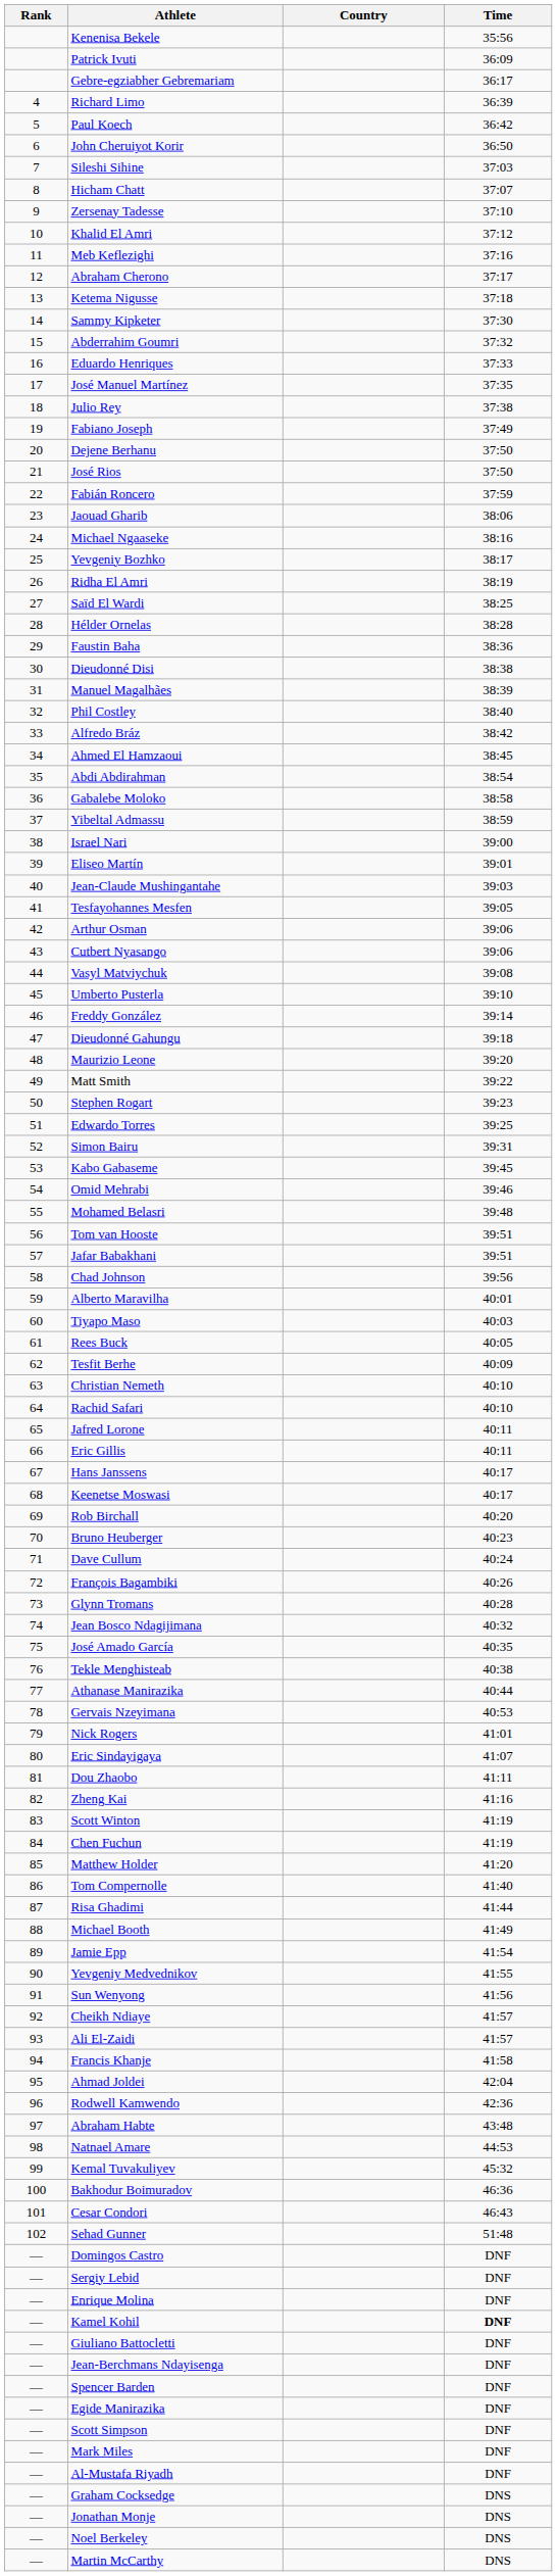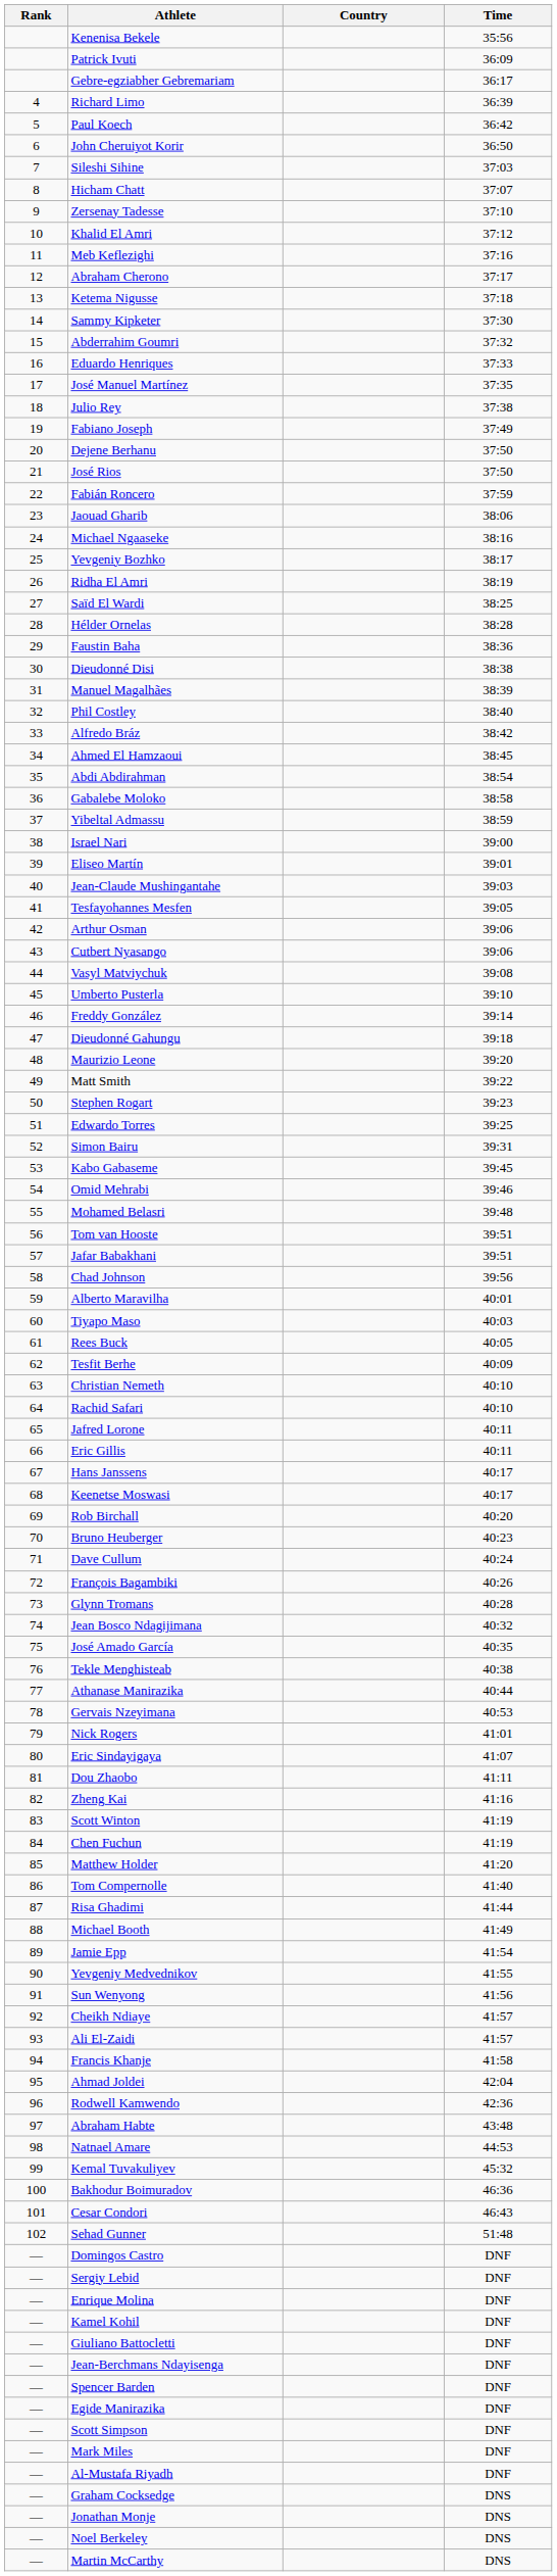 <table class="wikitable sortable" style=" text-align:center; font-size:95%;" width="50%">
 <tr>
 <th width=5%>Rank</th>
 <th width=20%>Athlete</th>
 <th width=15%>Country</th>
 <th width=10%>Time</th>
 </tr>
 <tr>
 <td align=center></td>
 <td align=left><a href='#'>Kenenisa Bekele</a></td>
 <td align=left></td>
 <td>35:56</td>
 </tr>
 <tr>
 <td align=center></td>
 <td align=left><a href='#'>Patrick Ivuti</a></td>
 <td align=left></td>
 <td>36:09</td>
 </tr>
 <tr>
 <td align=center></td>
 <td align=left><a href='#'>Gebre-egziabher Gebremariam</a></td>
 <td align=left></td>
 <td>36:17</td>
 </tr>
 <tr>
 <td align=center>4</td>
 <td align=left><a href='#'>Richard Limo</a></td>
 <td align=left></td>
 <td>36:39</td>
 </tr>
 <tr>
 <td align=center>5</td>
 <td align=left><a href='#'>Paul Koech</a></td>
 <td align=left></td>
 <td>36:42</td>
 </tr>
 <tr>
 <td align=center>6</td>
 <td align=left><a href='#'>John Cheruiyot Korir</a></td>
 <td align=left></td>
 <td>36:50</td>
 </tr>
 <tr>
 <td align=center>7</td>
 <td align=left><a href='#'>Sileshi Sihine</a></td>
 <td align=left></td>
 <td>37:03</td>
 </tr>
 <tr>
 <td align=center>8</td>
 <td align=left><a href='#'>Hicham Chatt</a></td>
 <td align=left></td>
 <td>37:07</td>
 </tr>
 <tr>
 <td align=center>9</td>
 <td align=left><a href='#'>Zersenay Tadesse</a></td>
 <td align=left></td>
 <td>37:10</td>
 </tr>
 <tr>
 <td align=center>10</td>
 <td align=left><a href='#'>Khalid El Amri</a></td>
 <td align=left></td>
 <td>37:12</td>
 </tr>
 <tr>
 <td align=center>11</td>
 <td align=left><a href='#'>Meb Keflezighi</a></td>
 <td align=left></td>
 <td>37:16</td>
 </tr>
 <tr>
 <td align=center>12</td>
 <td align=left><a href='#'>Abraham Cherono</a></td>
 <td align=left></td>
 <td>37:17</td>
 </tr>
 <tr>
 <td align=center>13</td>
 <td align=left><a href='#'>Ketema Nigusse</a></td>
 <td align=left></td>
 <td>37:18</td>
 </tr>
 <tr>
 <td align=center>14</td>
 <td align=left><a href='#'>Sammy Kipketer</a></td>
 <td align=left></td>
 <td>37:30</td>
 </tr>
 <tr>
 <td align=center>15</td>
 <td align=left><a href='#'>Abderrahim Goumri</a></td>
 <td align=left></td>
 <td>37:32</td>
 </tr>
 <tr>
 <td align=center>16</td>
 <td align=left><a href='#'>Eduardo Henriques</a></td>
 <td align=left></td>
 <td>37:33</td>
 </tr>
 <tr>
 <td align=center>17</td>
 <td align=left><a href='#'>José Manuel Martínez</a></td>
 <td align=left></td>
 <td>37:35</td>
 </tr>
 <tr>
 <td align=center>18</td>
 <td align=left><a href='#'>Julio Rey</a></td>
 <td align=left></td>
 <td>37:38</td>
 </tr>
 <tr>
 <td align=center>19</td>
 <td align=left><a href='#'>Fabiano Joseph</a></td>
 <td align=left></td>
 <td>37:49</td>
 </tr>
 <tr>
 <td align=center>20</td>
 <td align=left><a href='#'>Dejene Berhanu</a></td>
 <td align=left></td>
 <td>37:50</td>
 </tr>
 <tr>
 <td align=center>21</td>
 <td align=left><a href='#'>José Rios</a></td>
 <td align=left></td>
 <td>37:50</td>
 </tr>
 <tr>
 <td align=center>22</td>
 <td align=left><a href='#'>Fabián Roncero</a></td>
 <td align=left></td>
 <td>37:59</td>
 </tr>
 <tr>
 <td align=center>23</td>
 <td align=left><a href='#'>Jaouad Gharib</a></td>
 <td align=left></td>
 <td>38:06</td>
 </tr>
 <tr>
 <td align=center>24</td>
 <td align=left><a href='#'>Michael Ngaaseke</a></td>
 <td align=left></td>
 <td>38:16</td>
 </tr>
 <tr>
 <td align=center>25</td>
 <td align=left><a href='#'>Yevgeniy Bozhko</a></td>
 <td align=left></td>
 <td>38:17</td>
 </tr>
 <tr>
 <td align=center>26</td>
 <td align=left><a href='#'>Ridha El Amri</a></td>
 <td align=left></td>
 <td>38:19</td>
 </tr>
 <tr>
 <td align=center>27</td>
 <td align=left><a href='#'>Saïd El Wardi</a></td>
 <td align=left></td>
 <td>38:25</td>
 </tr>
 <tr>
 <td align=center>28</td>
 <td align=left><a href='#'>Hélder Ornelas</a></td>
 <td align=left></td>
 <td>38:28</td>
 </tr>
 <tr>
 <td align=center>29</td>
 <td align=left><a href='#'>Faustin Baha</a></td>
 <td align=left></td>
 <td>38:36</td>
 </tr>
 <tr>
 <td align=center>30</td>
 <td align=left><a href='#'>Dieudonné Disi</a></td>
 <td align=left></td>
 <td>38:38</td>
 </tr>
 <tr>
 <td align=center>31</td>
 <td align=left><a href='#'>Manuel Magalhães</a></td>
 <td align=left></td>
 <td>38:39</td>
 </tr>
 <tr>
 <td align=center>32</td>
 <td align=left><a href='#'>Phil Costley</a></td>
 <td align=left></td>
 <td>38:40</td>
 </tr>
 <tr>
 <td align=center>33</td>
 <td align=left><a href='#'>Alfredo Bráz</a></td>
 <td align=left></td>
 <td>38:42</td>
 </tr>
 <tr>
 <td align=center>34</td>
 <td align=left><a href='#'>Ahmed El Hamzaoui</a></td>
 <td align=left></td>
 <td>38:45</td>
 </tr>
 <tr>
 <td align=center>35</td>
 <td align=left><a href='#'>Abdi Abdirahman</a></td>
 <td align=left></td>
 <td>38:54</td>
 </tr>
 <tr>
 <td align=center>36</td>
 <td align=left><a href='#'>Gabalebe Moloko</a></td>
 <td align=left></td>
 <td>38:58</td>
 </tr>
 <tr>
 <td align=center>37</td>
 <td align=left><a href='#'>Yibeltal Admassu</a></td>
 <td align=left></td>
 <td>38:59</td>
 </tr>
 <tr>
 <td align=center>38</td>
 <td align=left><a href='#'>Israel Nari</a></td>
 <td align=left></td>
 <td>39:00</td>
 </tr>
 <tr>
 <td align=center>39</td>
 <td align=left><a href='#'>Eliseo Martín</a></td>
 <td align=left></td>
 <td>39:01</td>
 </tr>
 <tr>
 <td align=center>40</td>
 <td align=left><a href='#'>Jean-Claude Mushingantahe</a></td>
 <td align=left></td>
 <td>39:03</td>
 </tr>
 <tr>
 <td align=center>41</td>
 <td align=left><a href='#'>Tesfayohannes Mesfen</a></td>
 <td align=left></td>
 <td>39:05</td>
 </tr>
 <tr>
 <td align=center>42</td>
 <td align=left><a href='#'>Arthur Osman</a></td>
 <td align=left></td>
 <td>39:06</td>
 </tr>
 <tr>
 <td align=center>43</td>
 <td align=left><a href='#'>Cutbert Nyasango</a></td>
 <td align=left></td>
 <td>39:06</td>
 </tr>
 <tr>
 <td align=center>44</td>
 <td align=left><a href='#'>Vasyl Matviychuk</a></td>
 <td align=left></td>
 <td>39:08</td>
 </tr>
 <tr>
 <td align=center>45</td>
 <td align=left><a href='#'>Umberto Pusterla</a></td>
 <td align=left></td>
 <td>39:10</td>
 </tr>
 <tr>
 <td align=center>46</td>
 <td align=left><a href='#'>Freddy González</a></td>
 <td align=left></td>
 <td>39:14</td>
 </tr>
 <tr>
 <td align=center>47</td>
 <td align=left><a href='#'>Dieudonné Gahungu</a></td>
 <td align=left></td>
 <td>39:18</td>
 </tr>
 <tr>
 <td align=center>48</td>
 <td align=left><a href='#'>Maurizio Leone</a></td>
 <td align=left></td>
 <td>39:20</td>
 </tr>
 <tr>
 <td align=center>49</td>
 <td align=left>Matt Smith</td>
 <td align=left></td>
 <td>39:22</td>
 </tr>
 <tr>
 <td align=center>50</td>
 <td align=left><a href='#'>Stephen Rogart</a></td>
 <td align=left></td>
 <td>39:23</td>
 </tr>
 <tr>
 <td align=center>51</td>
 <td align=left><a href='#'>Edwardo Torres</a></td>
 <td align=left></td>
 <td>39:25</td>
 </tr>
 <tr>
 <td align=center>52</td>
 <td align=left><a href='#'>Simon Bairu</a></td>
 <td align=left></td>
 <td>39:31</td>
 </tr>
 <tr>
 <td align=center>53</td>
 <td align=left><a href='#'>Kabo Gabaseme</a></td>
 <td align=left></td>
 <td>39:45</td>
 </tr>
 <tr>
 <td align=center>54</td>
 <td align=left><a href='#'>Omid Mehrabi</a></td>
 <td align=left></td>
 <td>39:46</td>
 </tr>
 <tr>
 <td align=center>55</td>
 <td align=left><a href='#'>Mohamed Belasri</a></td>
 <td align=left></td>
 <td>39:48</td>
 </tr>
 <tr>
 <td align=center>56</td>
 <td align=left><a href='#'>Tom van Hooste</a></td>
 <td align=left></td>
 <td>39:51</td>
 </tr>
 <tr>
 <td align=center>57</td>
 <td align=left><a href='#'>Jafar Babakhani</a></td>
 <td align=left></td>
 <td>39:51</td>
 </tr>
 <tr>
 <td align=center>58</td>
 <td align=left><a href='#'>Chad Johnson</a></td>
 <td align=left></td>
 <td>39:56</td>
 </tr>
 <tr>
 <td align=center>59</td>
 <td align=left><a href='#'>Alberto Maravilha</a></td>
 <td align=left></td>
 <td>40:01</td>
 </tr>
 <tr>
 <td align=center>60</td>
 <td align=left><a href='#'>Tiyapo Maso</a></td>
 <td align=left></td>
 <td>40:03</td>
 </tr>
 <tr>
 <td align=center>61</td>
 <td align=left><a href='#'>Rees Buck</a></td>
 <td align=left></td>
 <td>40:05</td>
 </tr>
 <tr>
 <td align=center>62</td>
 <td align=left><a href='#'>Tesfit Berhe</a></td>
 <td align=left></td>
 <td>40:09</td>
 </tr>
 <tr>
 <td align=center>63</td>
 <td align=left><a href='#'>Christian Nemeth</a></td>
 <td align=left></td>
 <td>40:10</td>
 </tr>
 <tr>
 <td align=center>64</td>
 <td align=left><a href='#'>Rachid Safari</a></td>
 <td align=left></td>
 <td>40:10</td>
 </tr>
 <tr>
 <td align=center>65</td>
 <td align=left><a href='#'>Jafred Lorone</a></td>
 <td align=left></td>
 <td>40:11</td>
 </tr>
 <tr>
 <td align=center>66</td>
 <td align=left><a href='#'>Eric Gillis</a></td>
 <td align=left></td>
 <td>40:11</td>
 </tr>
 <tr>
 <td align=center>67</td>
 <td align=left><a href='#'>Hans Janssens</a></td>
 <td align=left></td>
 <td>40:17</td>
 </tr>
 <tr>
 <td align=center>68</td>
 <td align=left><a href='#'>Keenetse Moswasi</a></td>
 <td align=left></td>
 <td>40:17</td>
 </tr>
 <tr>
 <td align=center>69</td>
 <td align=left><a href='#'>Rob Birchall</a></td>
 <td align=left></td>
 <td>40:20</td>
 </tr>
 <tr>
 <td align=center>70</td>
 <td align=left><a href='#'>Bruno Heuberger</a></td>
 <td align=left></td>
 <td>40:23</td>
 </tr>
 <tr>
 <td align=center>71</td>
 <td align=left><a href='#'>Dave Cullum</a></td>
 <td align=left></td>
 <td>40:24</td>
 </tr>
 <tr>
 <td align=center>72</td>
 <td align=left><a href='#'>François Bagambiki</a></td>
 <td align=left></td>
 <td>40:26</td>
 </tr>
 <tr>
 <td align=center>73</td>
 <td align=left><a href='#'>Glynn Tromans</a></td>
 <td align=left></td>
 <td>40:28</td>
 </tr>
 <tr>
 <td align=center>74</td>
 <td align=left><a href='#'>Jean Bosco Ndagijimana</a></td>
 <td align=left></td>
 <td>40:32</td>
 </tr>
 <tr>
 <td align=center>75</td>
 <td align=left><a href='#'>José Amado García</a></td>
 <td align=left></td>
 <td>40:35</td>
 </tr>
 <tr>
 <td align=center>76</td>
 <td align=left><a href='#'>Tekle Menghisteab</a></td>
 <td align=left></td>
 <td>40:38</td>
 </tr>
 <tr>
 <td align=center>77</td>
 <td align=left><a href='#'>Athanase Manirazika</a></td>
 <td align=left></td>
 <td>40:44</td>
 </tr>
 <tr>
 <td align=center>78</td>
 <td align=left><a href='#'>Gervais Nzeyimana</a></td>
 <td align=left></td>
 <td>40:53</td>
 </tr>
 <tr>
 <td align=center>79</td>
 <td align=left><a href='#'>Nick Rogers</a></td>
 <td align=left></td>
 <td>41:01</td>
 </tr>
 <tr>
 <td align=center>80</td>
 <td align=left><a href='#'>Eric Sindayigaya</a></td>
 <td align=left></td>
 <td>41:07</td>
 </tr>
 <tr>
 <td align=center>81</td>
 <td align=left><a href='#'>Dou Zhaobo</a></td>
 <td align=left></td>
 <td>41:11</td>
 </tr>
 <tr>
 <td align=center>82</td>
 <td align=left><a href='#'>Zheng Kai</a></td>
 <td align=left></td>
 <td>41:16</td>
 </tr>
 <tr>
 <td align=center>83</td>
 <td align=left><a href='#'>Scott Winton</a></td>
 <td align=left></td>
 <td>41:19</td>
 </tr>
 <tr>
 <td align=center>84</td>
 <td align=left><a href='#'>Chen Fuchun</a></td>
 <td align=left></td>
 <td>41:19</td>
 </tr>
 <tr>
 <td align=center>85</td>
 <td align=left><a href='#'>Matthew Holder</a></td>
 <td align=left></td>
 <td>41:20</td>
 </tr>
 <tr>
 <td align=center>86</td>
 <td align=left><a href='#'>Tom Compernolle</a></td>
 <td align=left></td>
 <td>41:40</td>
 </tr>
 <tr>
 <td align=center>87</td>
 <td align=left><a href='#'>Risa Ghadimi</a></td>
 <td align=left></td>
 <td>41:44</td>
 </tr>
 <tr>
 <td align=center>88</td>
 <td align=left><a href='#'>Michael Booth</a></td>
 <td align=left></td>
 <td>41:49</td>
 </tr>
 <tr>
 <td align=center>89</td>
 <td align=left><a href='#'>Jamie Epp</a></td>
 <td align=left></td>
 <td>41:54</td>
 </tr>
 <tr>
 <td align=center>90</td>
 <td align=left><a href='#'>Yevgeniy Medvednikov</a></td>
 <td align=left></td>
 <td>41:55</td>
 </tr>
 <tr>
 <td align=center>91</td>
 <td align=left><a href='#'>Sun Wenyong</a></td>
 <td align=left></td>
 <td>41:56</td>
 </tr>
 <tr>
 <td align=center>92</td>
 <td align=left><a href='#'>Cheikh Ndiaye</a></td>
 <td align=left></td>
 <td>41:57</td>
 </tr>
 <tr>
 <td align=center>93</td>
 <td align=left><a href='#'>Ali El-Zaidi</a></td>
 <td align=left></td>
 <td>41:57</td>
 </tr>
 <tr>
 <td align=center>94</td>
 <td align=left><a href='#'>Francis Khanje</a></td>
 <td align=left></td>
 <td>41:58</td>
 </tr>
 <tr>
 <td align=center>95</td>
 <td align=left><a href='#'>Ahmad Joldei</a></td>
 <td align=left></td>
 <td>42:04</td>
 </tr>
 <tr>
 <td align=center>96</td>
 <td align=left><a href='#'>Rodwell Kamwendo</a></td>
 <td align=left></td>
 <td>42:36</td>
 </tr>
 <tr>
 <td align=center>97</td>
 <td align=left><a href='#'>Abraham Habte</a></td>
 <td align=left></td>
 <td>43:48</td>
 </tr>
 <tr>
 <td align=center>98</td>
 <td align=left><a href='#'>Natnael Amare</a></td>
 <td align=left></td>
 <td>44:53</td>
 </tr>
 <tr>
 <td align=center>99</td>
 <td align=left><a href='#'>Kemal Tuvakuliyev</a></td>
 <td align=left></td>
 <td>45:32</td>
 </tr>
 <tr>
 <td align=center>100</td>
 <td align=left><a href='#'>Bakhodur Boimuradov</a></td>
 <td align=left></td>
 <td>46:36</td>
 </tr>
 <tr>
 <td align=center>101</td>
 <td align=left><a href='#'>Cesar Condori</a></td>
 <td align=left></td>
 <td>46:43</td>
 </tr>
 <tr>
 <td align=center>102</td>
 <td align=left><a href='#'>Sehad Gunner</a></td>
 <td align=left></td>
 <td>51:48</td>
 </tr>
 <tr>
 <td align=center>—</td>
 <td align=left><a href='#'>Domingos Castro</a></td>
 <td align=left></td>
 <td>DNF</td>
 </tr>
 <tr>
 <td align=center>—</td>
 <td align=left><a href='#'>Sergiy Lebid</a></td>
 <td align=left></td>
 <td>DNF</td>
 </tr>
 <tr>
 <td align=center>—</td>
 <td align=left><a href='#'>Enrique Molina</a></td>
 <td align=left></td>
 <td>DNF</td>
 </tr>
 <tr>
 <td align=center>—</td>
 <td align=left><a href='#'>Kamel Kohil</a></td>
 <td align=left></td>
-<td><strong>DNF</strong></td>
+<td>DNF</td>
 </tr>
 <tr>
 <td align=center>—</td>
 <td align=left><a href='#'>Giuliano Battocletti</a></td>
 <td align=left></td>
 <td>DNF</td>
 </tr>
 <tr>
 <td align=center>—</td>
 <td align=left><a href='#'>Jean-Berchmans Ndayisenga</a></td>
 <td align=left></td>
 <td>DNF</td>
 </tr>
 <tr>
 <td align=center>—</td>
 <td align=left><a href='#'>Spencer Barden</a></td>
 <td align=left></td>
 <td>DNF</td>
 </tr>
 <tr>
 <td align=center>—</td>
 <td align=left><a href='#'>Egide Manirazika</a></td>
 <td align=left></td>
 <td>DNF</td>
 </tr>
 <tr>
 <td align=center>—</td>
 <td align=left><a href='#'>Scott Simpson</a></td>
 <td align=left></td>
 <td>DNF</td>
 </tr>
 <tr>
 <td align=center>—</td>
 <td align=left><a href='#'>Mark Miles</a></td>
 <td align=left></td>
 <td>DNF</td>
 </tr>
 <tr>
 <td align=center>—</td>
 <td align=left><a href='#'>Al-Mustafa Riyadh</a></td>
 <td align=left></td>
 <td>DNF</td>
 </tr>
 <tr>
 <td align=center>—</td>
 <td align=left><a href='#'>Graham Cocksedge</a></td>
 <td align=left></td>
 <td>DNS</td>
 </tr>
 <tr>
 <td align=center>—</td>
 <td align=left><a href='#'>Jonathan Monje</a></td>
 <td align=left></td>
 <td>DNS</td>
 </tr>
 <tr>
 <td align=center>—</td>
 <td align=left><a href='#'>Noel Berkeley</a></td>
 <td align=left></td>
 <td>DNS</td>
 </tr>
 <tr>
 <td align=center>—</td>
 <td align=left><a href='#'>Martin McCarthy</a></td>
 <td align=left></td>
 <td>DNS</td>
 </tr>
 </table>
